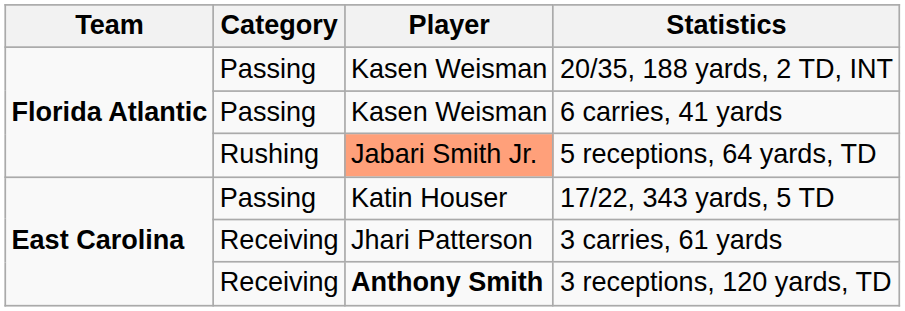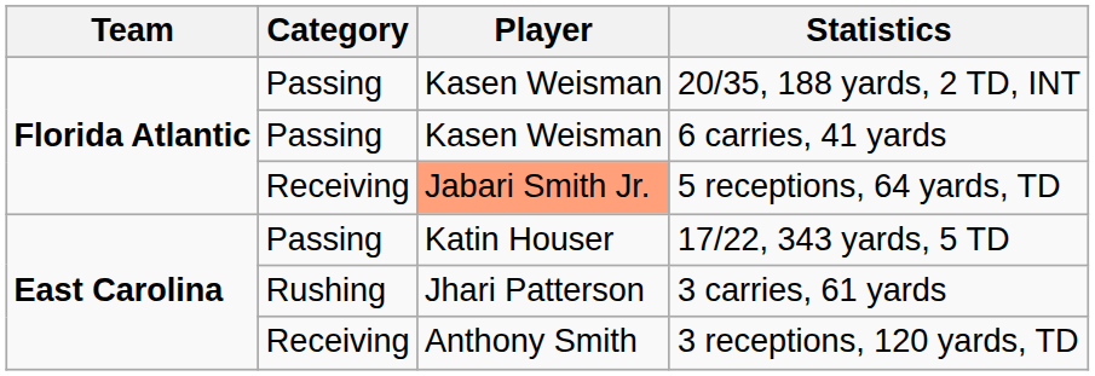 <table class="wikitable" style="float: right;">
 <tr>
 <th>Team</th>
 <th>Category</th>
 <th>Player</th>
 <th>Statistics</th>
 </tr>
 <tr>
 <td rowspan=3><strong>Florida Atlantic</strong></td>
 <td>Passing</td>
 <td>Kasen Weisman</td>
 <td>20/35, 188 yards, 2 TD, INT</td>
 </tr>
 <tr>
 <td>Passing</td>
 <td>Kasen Weisman</td>
 <td>6 carries, 41 yards</td>
 </tr>
 <tr>
-<td>Rushing</td>
+<td>Receiving</td>
 <td style="background: lightsalmon;">Jabari Smith Jr.</td>
 <td>5 receptions, 64 yards, TD</td>
 </tr>
 <tr>
 <td rowspan=3><strong>East Carolina</strong></td>
 <td>Passing</td>
 <td>Katin Houser</td>
 <td>17/22, 343 yards, 5 TD</td>
 </tr>
 <tr>
-<td>Receiving</td>
+<td>Rushing</td>
 <td>Jhari Patterson</td>
 <td>3 carries, 61 yards</td>
 </tr>
 <tr>
 <td>Receiving</td>
-<td><strong>Anthony Smith</strong></td>
+<td>Anthony Smith</td>
 <td>3 receptions, 120 yards, TD</td>
 </tr>
 </table>
